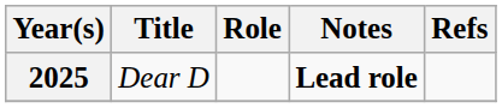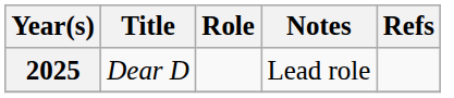 <table class="wikitable plainrowheaders sortable">
 <tr>
 <th scope="col">Year(s)</th>
 <th scope="col">Title</th>
 <th scope="col">Role</th>
 <th scope="col" class="unsortable">Notes</th>
 <th scope="col" class="unsortable">Refs</th>
 </tr>
 <tr>
 <th scope="row">2025</th>
 <td><em>Dear D</em></td>
 <td></td>
-<td><strong>Lead role</strong></td>
+<td>Lead role</td>
 <td></td>
 </tr>
 <tr>
 </tr>
 </table>
